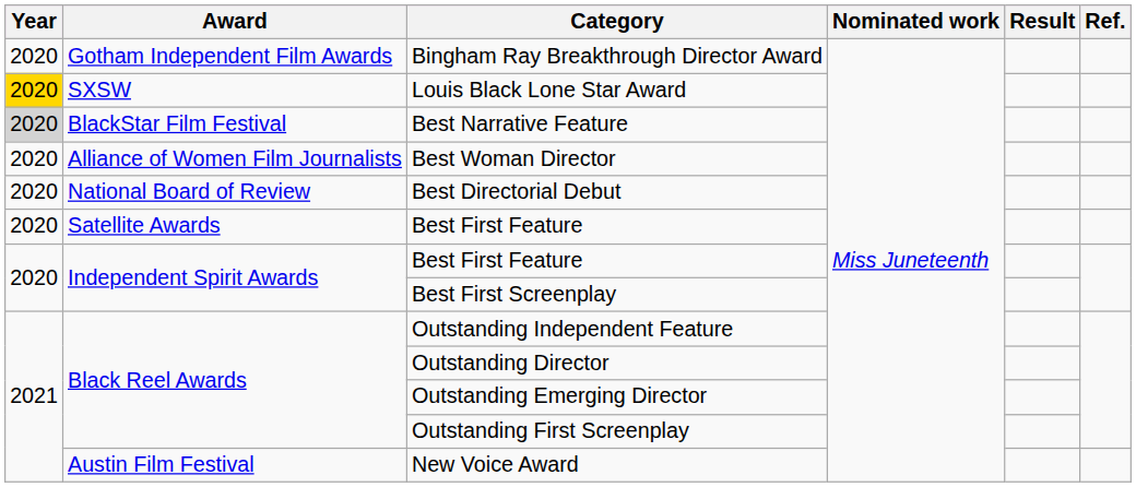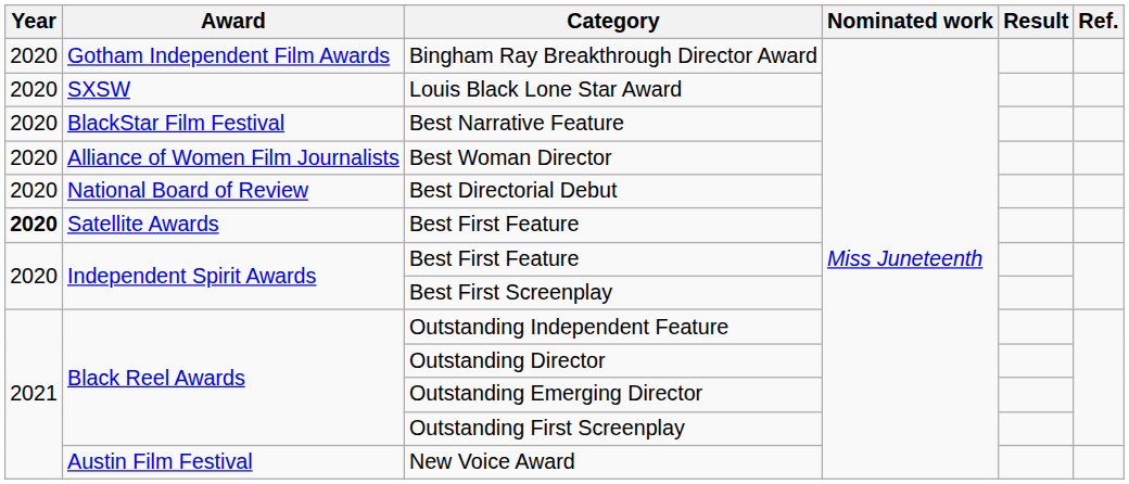 <table class="wikitable sortable">
 <tr style="background:#FFCCFF; text-align:center;">
 <th>Year</th>
 <th>Award</th>
 <th>Category</th>
 <th>Nominated work</th>
 <th>Result</th>
 <th>Ref.</th>
 </tr>
 <tr>
 <td>2020</td>
 <td><a href='#'>Gotham Independent Film Awards</a></td>
 <td>Bingham Ray Breakthrough Director Award</td>
 <td rowspan="13"><em><a href='#'>Miss Juneteenth</a></em></td>
 <td></td>
 <td></td>
 </tr>
 <tr>
-<td style="background: gold;">2020</td>
+<td>2020</td>
 <td><a href='#'>SXSW</a></td>
 <td>Louis Black Lone Star Award</td>
 <td></td>
 <td></td>
 </tr>
 <tr>
-<td style="background: lightgrey;">2020</td>
+<td>2020</td>
 <td><a href='#'>BlackStar Film Festival</a></td>
 <td>Best Narrative Feature</td>
 <td></td>
 <td></td>
 </tr>
 <tr>
 <td>2020</td>
 <td><a href='#'>Alliance of Women Film Journalists</a></td>
 <td Best Woman Director>Best Woman Director</td>
 <td></td>
 <td></td>
 </tr>
 <tr>
 <td>2020</td>
 <td><a href='#'>National Board of Review</a></td>
 <td Best Directorial Debut>Best Directorial Debut</td>
 <td></td>
 <td></td>
 </tr>
 <tr>
-<td>2020</td>
+<td><strong>2020</strong></td>
 <td><a href='#'>Satellite Awards</a></td>
 <td>Best First Feature</td>
 <td></td>
 <td></td>
 </tr>
 <tr>
 <td rowspan="2">2020</td>
 <td rowspan="2"><a href='#'>Independent Spirit Awards</a></td>
 <td>Best First Feature</td>
 <td></td>
 <td rowspan="2"></td>
 </tr>
 <tr>
 <td>Best First Screenplay</td>
 <td></td>
 </tr>
 <tr>
 <td rowspan="5">2021</td>
 <td rowspan="4"><a href='#'>Black Reel Awards</a></td>
 <td>Outstanding Independent Feature</td>
 <td></td>
 <td rowspan="4"></td>
 </tr>
 <tr>
 <td>Outstanding Director</td>
 <td></td>
 </tr>
 <tr>
 <td>Outstanding Emerging Director</td>
 <td></td>
 </tr>
 <tr>
 <td>Outstanding First Screenplay</td>
 <td></td>
 </tr>
 <tr>
 <td><a href='#'>Austin Film Festival</a></td>
 <td>New Voice Award</td>
 <td></td>
 <td></td>
 </tr>
 </table>
